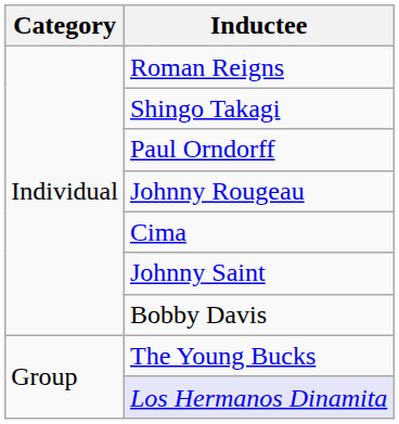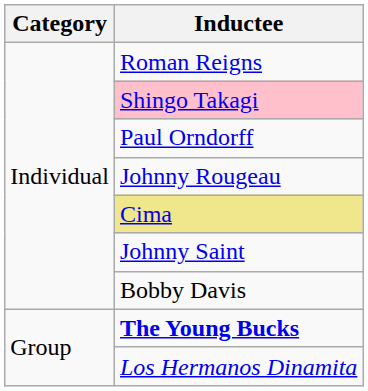 <table class="wikitable">
 <tr>
 <th>Category</th>
 <th>Inductee</th>
 </tr>
 <tr>
 <td rowspan=7>Individual</td>
 <td><a href='#'>Roman Reigns</a></td>
 </tr>
 <tr>
-<td><a href='#'>Shingo Takagi</a></td>
+<td style="background: pink;"><a href='#'>Shingo Takagi</a></td>
 </tr>
 <tr>
 <td><a href='#'>Paul Orndorff</a></td>
 </tr>
 <tr>
 <td><a href='#'>Johnny Rougeau</a></td>
 </tr>
 <tr>
-<td><a href='#'>Cima</a></td>
+<td style="background: khaki;"><a href='#'>Cima</a></td>
 </tr>
 <tr>
 <td><a href='#'>Johnny Saint</a></td>
 </tr>
 <tr>
 <td>Bobby Davis</td>
 </tr>
 <tr>
 <td rowspan=2>Group</td>
-<td><a href='#'>The Young Bucks</a><br></td>
+<td><strong><a href='#'>The Young Bucks</a><br></strong></td>
 </tr>
 <tr>
-<td style="background: lavender;"><em><a href='#'>Los Hermanos Dinamita</a></em><br></td>
+<td><em><a href='#'>Los Hermanos Dinamita</a></em><br></td>
 </tr>
 </table>
